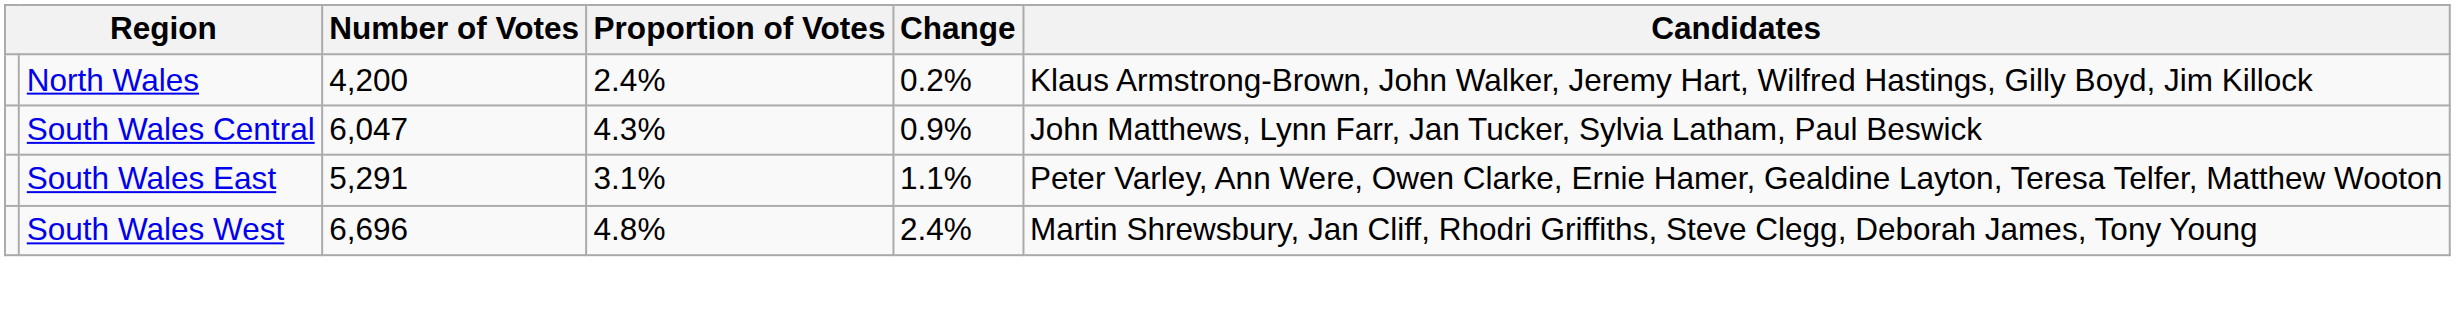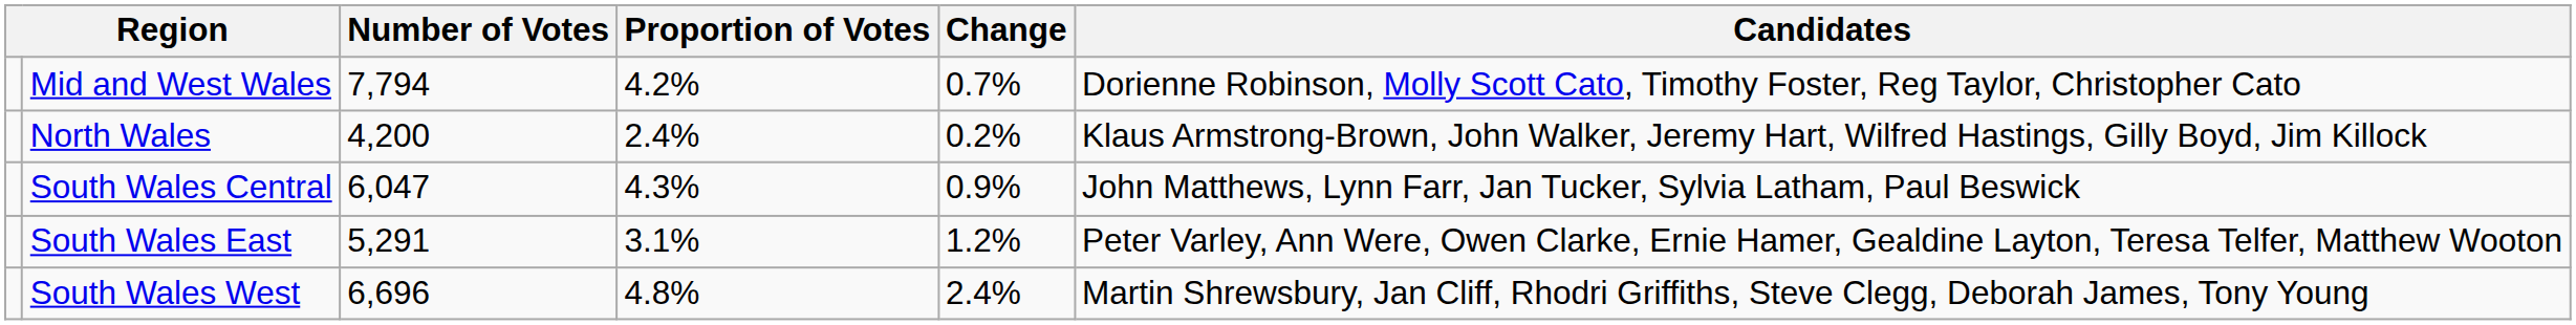 <table class="wikitable">
 <tr>
 <th colspan="2">Region</th>
 <th>Number of Votes</th>
 <th>Proportion of Votes</th>
 <th>Change</th>
 <th>Candidates</th>
+</tr>
+<tr>
+<td width="1" style="color:inherit;background:"></td>
+<td><a href='#'>Mid and West Wales</a></td>
+<td>7,794</td>
+<td>4.2%</td>
+<td> 0.7%</td>
+<td>Dorienne Robinson, <a href='#'>Molly Scott Cato</a>, Timothy Foster, Reg Taylor, Christopher Cato</td>
 </tr>
 <tr>
 <td style="color:inherit;background:"></td>
 <td><a href='#'>North Wales</a></td>
 <td>4,200</td>
 <td>2.4%</td>
 <td> 0.2%</td>
 <td>Klaus Armstrong-Brown, John Walker, Jeremy Hart, Wilfred Hastings, Gilly Boyd, Jim Killock</td>
 </tr>
 <tr>
 <td style="color:inherit;background:"></td>
 <td><a href='#'>South Wales Central</a></td>
 <td>6,047</td>
 <td>4.3%</td>
 <td> 0.9%</td>
 <td>John Matthews, Lynn Farr, Jan Tucker, Sylvia Latham, Paul Beswick</td>
 </tr>
 <tr>
 <td style="color:inherit;background:"></td>
 <td><a href='#'>South Wales East</a></td>
 <td>5,291</td>
 <td>3.1%</td>
-<td> 1.1%</td>
+<td> 1.2%</td>
 <td>Peter Varley, Ann Were, Owen Clarke, Ernie Hamer, Gealdine Layton, Teresa Telfer, Matthew Wooton</td>
 </tr>
 <tr>
 <td style="color:inherit;background:"></td>
 <td><a href='#'>South Wales West</a></td>
 <td>6,696</td>
 <td>4.8%</td>
 <td> 2.4%</td>
 <td>Martin Shrewsbury, Jan Cliff, Rhodri Griffiths, Steve Clegg, Deborah James, Tony Young</td>
 </tr>
 </table>
